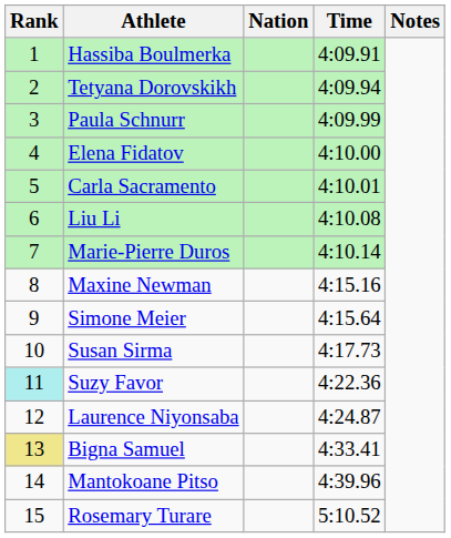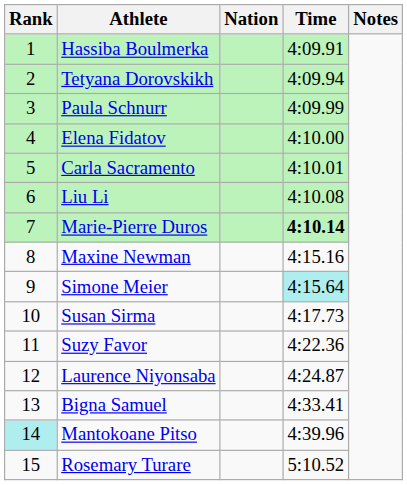 <table class="wikitable sortable" style="text-align:center">
 <tr>
 <th>Rank</th>
 <th>Athlete</th>
 <th>Nation</th>
 <th>Time</th>
 <th>Notes</th>
 </tr>
 <tr style="background:#bbf3bb;">
 <td>1</td>
 <td align=left><a href='#'>Hassiba Boulmerka</a></td>
 <td align=left></td>
 <td>4:09.91</td>
 </tr>
 <tr style="background:#bbf3bb;">
 <td>2</td>
 <td align=left><a href='#'>Tetyana Dorovskikh</a></td>
 <td align=left></td>
 <td>4:09.94</td>
 </tr>
 <tr style="background:#bbf3bb;">
 <td>3</td>
 <td align=left><a href='#'>Paula Schnurr</a></td>
 <td align=left></td>
 <td>4:09.99</td>
 </tr>
 <tr style="background:#bbf3bb;">
 <td>4</td>
 <td align=left><a href='#'>Elena Fidatov</a></td>
 <td align=left></td>
 <td>4:10.00</td>
 </tr>
 <tr style="background:#bbf3bb;">
 <td>5</td>
 <td align=left><a href='#'>Carla Sacramento</a></td>
 <td align=left></td>
 <td>4:10.01</td>
 </tr>
 <tr style="background:#bbf3bb;">
 <td>6</td>
 <td align=left><a href='#'>Liu Li</a></td>
 <td align=left></td>
 <td>4:10.08</td>
 </tr>
 <tr style="background:#bbf3bb;">
 <td>7</td>
 <td align=left><a href='#'>Marie-Pierre Duros</a></td>
 <td align=left></td>
-<td>4:10.14</td>
+<td><strong>4:10.14</strong></td>
 </tr>
 <tr>
 <td>8</td>
 <td align=left><a href='#'>Maxine Newman</a></td>
 <td align=left></td>
 <td>4:15.16</td>
 </tr>
 <tr>
 <td>9</td>
 <td align=left><a href='#'>Simone Meier</a></td>
 <td align=left></td>
-<td>4:15.64</td>
+<td style="background: paleturquoise;">4:15.64</td>
 </tr>
 <tr>
 <td>10</td>
 <td align=left><a href='#'>Susan Sirma</a></td>
 <td align=left></td>
 <td>4:17.73</td>
 </tr>
 <tr>
-<td style="background: paleturquoise;">11</td>
+<td>11</td>
 <td align=left><a href='#'>Suzy Favor</a></td>
 <td align=left></td>
 <td>4:22.36</td>
 </tr>
 <tr>
 <td>12</td>
 <td align=left><a href='#'>Laurence Niyonsaba</a></td>
 <td align=left></td>
 <td>4:24.87</td>
 </tr>
 <tr>
-<td style="background: khaki;">13</td>
+<td>13</td>
 <td align=left><a href='#'>Bigna Samuel</a></td>
 <td align=left></td>
 <td>4:33.41</td>
 </tr>
 <tr>
-<td>14</td>
+<td style="background: paleturquoise;">14</td>
 <td align=left><a href='#'>Mantokoane Pitso</a></td>
 <td align=left></td>
 <td>4:39.96</td>
 </tr>
 <tr>
 <td>15</td>
 <td align=left><a href='#'>Rosemary Turare</a></td>
 <td align=left></td>
 <td>5:10.52</td>
 </tr>
 </table>
